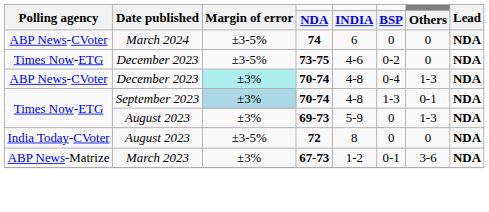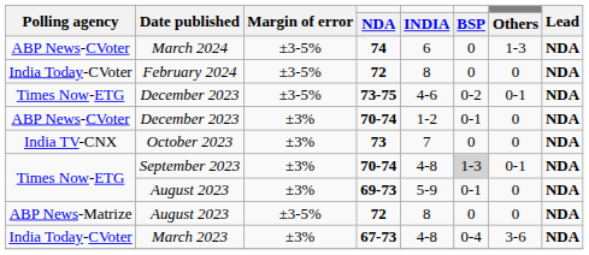 <table class="wikitable sortable" style="text-align:center;font-size:95%;line-height:16px">
 <tr>
 <th rowspan="2">Polling agency</th>
 <th rowspan="2">Date published</th>
 <th rowspan="2">Margin of error</th>
 <td bgcolor=></td>
 <td bgcolor=></td>
 <td bgcolor=></td>
 <td bgcolor=grey></td>
 <th rowspan="2">Lead</th>
 </tr>
 <tr>
 <th><a href='#'>NDA</a></th>
 <th><a href='#'>INDIA</a></th>
 <th><a href='#'>BSP</a></th>
 <th>Others</th>
 </tr>
 <tr>
 <td><a href='#'>ABP News</a>-<a href='#'>CVoter</a></td>
 <td><em>March 2024</em></td>
 <td>±3-5%</td>
 <td bgcolor=><strong>74</strong></td>
 <td>6</td>
 <td>0</td>
+<td>1-3</td>
+<td bgcolor=><strong>NDA</strong></td>
+</tr>
+<tr>
+<td><a href='#'>India Today</a>-CVoter</td>
+<td><em>February 2024</em></td>
+<td>±3-5%</td>
+<td bgcolor=><strong>72</strong></td>
+<td>8</td>
+<td>0</td>
 <td>0</td>
 <td bgcolor=><strong>NDA</strong></td>
 </tr>
 <tr>
 <td><a href='#'>Times Now</a>-<a href='#'>ETG</a></td>
 <td><em>December 2023</em></td>
 <td>±3-5%</td>
 <td bgcolor=><strong>73-75</strong></td>
 <td>4-6</td>
 <td>0-2</td>
-<td>0</td>
+<td>0-1</td>
 <td bgcolor=><strong>NDA</strong></td>
 </tr>
 <tr>
 <td><a href='#'>ABP News</a>-<a href='#'>CVoter</a></td>
 <td><em>December 2023</em></td>
-<td style="background: paleturquoise;">±3%</td>
+<td>±3%</td>
 <td bgcolor=><strong>70-74</strong></td>
-<td>4-8</td>
-<td>0-4</td>
-<td>1-3</td>
+<td>1-2</td>
+<td>0-1</td>
+<td>0</td>
+<td bgcolor=><strong>NDA</strong></td>
+</tr>
+<tr>
+<td><a href='#'>India TV</a>-CNX</td>
+<td><em>October 2023</em></td>
+<td>±3%</td>
+<td bgcolor=><strong>73</strong></td>
+<td>7</td>
+<td>0</td>
+<td>0</td>
 <td bgcolor=><strong>NDA</strong></td>
 </tr>
 <tr>
 <td rowspan="2"><a href='#'>Times Now</a>-<a href='#'>ETG</a></td>
 <td><em>September 2023</em></td>
-<td style="background: lightblue;">±3%</td>
+<td>±3%</td>
 <td bgcolor=><strong>70-74</strong></td>
 <td>4-8</td>
-<td>1-3</td>
+<td style="background: lightgrey;">1-3</td>
 <td>0-1</td>
 <td bgcolor=><strong>NDA</strong></td>
 </tr>
 <tr>
 <td><em>August 2023</em></td>
 <td>±3%</td>
 <td bgcolor=><strong>69-73</strong></td>
 <td>5-9</td>
+<td>0-1</td>
 <td>0</td>
-<td>1-3</td>
 <td bgcolor=><strong>NDA</strong></td>
 </tr>
 <tr>
-<td><a href='#'>India Today</a>-<a href='#'>CVoter</a></td>
+<td><a href='#'>ABP News</a>-Matrize</td>
 <td><em>August 2023</em></td>
 <td>±3-5%</td>
 <td><strong>72</strong></td>
 <td>8</td>
 <td>0</td>
 <td>0</td>
 <td><strong>NDA</strong></td>
 </tr>
 <tr>
-<td><a href='#'>ABP News</a>-Matrize</td>
+<td><a href='#'>India Today</a>-<a href='#'>CVoter</a></td>
 <td><em>March 2023</em></td>
 <td>±3%</td>
 <td bgcolor=><strong>67-73</strong></td>
-<td>1-2</td>
-<td>0-1</td>
+<td>4-8</td>
+<td>0-4</td>
 <td>3-6</td>
 <td bgcolor=><strong>NDA</strong></td>
 </tr>
 <tr>
 </tr>
 </table>
